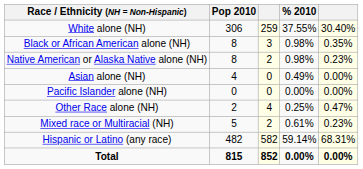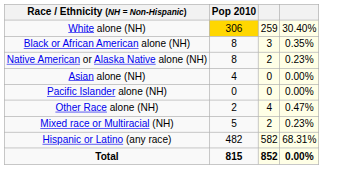 <table class="wikitable" style="text-align:center;">
 <tr>
 <th>Race / Ethnicity <small>(<em>NH = Non-Hispanic</em>)</small></th>
 <th>Pop 2010</th>
 <th></th>
-<th>% 2010</th>
 <th></th>
 </tr>
 <tr>
 <td><a href='#'>White</a> alone (NH)</td>
-<td>306</td>
+<td style="background: gold;">306</td>
 <td style='background: #ffffe6;'>259</td>
-<td>37.55%</td>
 <td style='background: #ffffe6;'>30.40%</td>
 </tr>
 <tr>
 <td><a href='#'>Black or African American</a> alone (NH)</td>
 <td>8</td>
 <td style='background: #ffffe6;'>3</td>
-<td>0.98%</td>
 <td style='background: #ffffe6;'>0.35%</td>
 </tr>
 <tr>
 <td><a href='#'>Native American</a> or <a href='#'>Alaska Native</a> alone (NH)</td>
 <td>8</td>
 <td style='background: #ffffe6;'>2</td>
-<td>0.98%</td>
 <td style='background: #ffffe6;'>0.23%</td>
 </tr>
 <tr>
 <td><a href='#'>Asian</a> alone (NH)</td>
 <td>4</td>
 <td style='background: #ffffe6;'>0</td>
-<td>0.49%</td>
 <td style='background: #ffffe6;'>0.00%</td>
 </tr>
 <tr>
 <td><a href='#'>Pacific Islander</a> alone (NH)</td>
 <td>0</td>
 <td style='background: #ffffe6;'>0</td>
-<td>0.00%</td>
 <td style='background: #ffffe6;'>0.00%</td>
 </tr>
 <tr>
 <td><a href='#'>Other Race</a> alone (NH)</td>
 <td>2</td>
 <td style='background: #ffffe6;'>4</td>
-<td>0.25%</td>
 <td style='background: #ffffe6;'>0.47%</td>
 </tr>
 <tr>
 <td><a href='#'>Mixed race or Multiracial</a> (NH)</td>
 <td>5</td>
 <td style='background: #ffffe6;'>2</td>
-<td>0.61%</td>
 <td style='background: #ffffe6;'>0.23%</td>
 </tr>
 <tr>
 <td><a href='#'>Hispanic or Latino</a> (any race)</td>
 <td>482</td>
 <td style='background: #ffffe6;'>582</td>
-<td>59.14%</td>
 <td style='background: #ffffe6;'>68.31%</td>
 </tr>
 <tr>
 <td><strong>Total</strong></td>
 <td><strong>815</strong></td>
 <td style='background: #ffffe6;'><strong>852</strong></td>
-<td><strong>0.00%</strong></td>
 <td style='background: #ffffe6;'><strong>0.00%</strong></td>
 </tr>
 </table>
